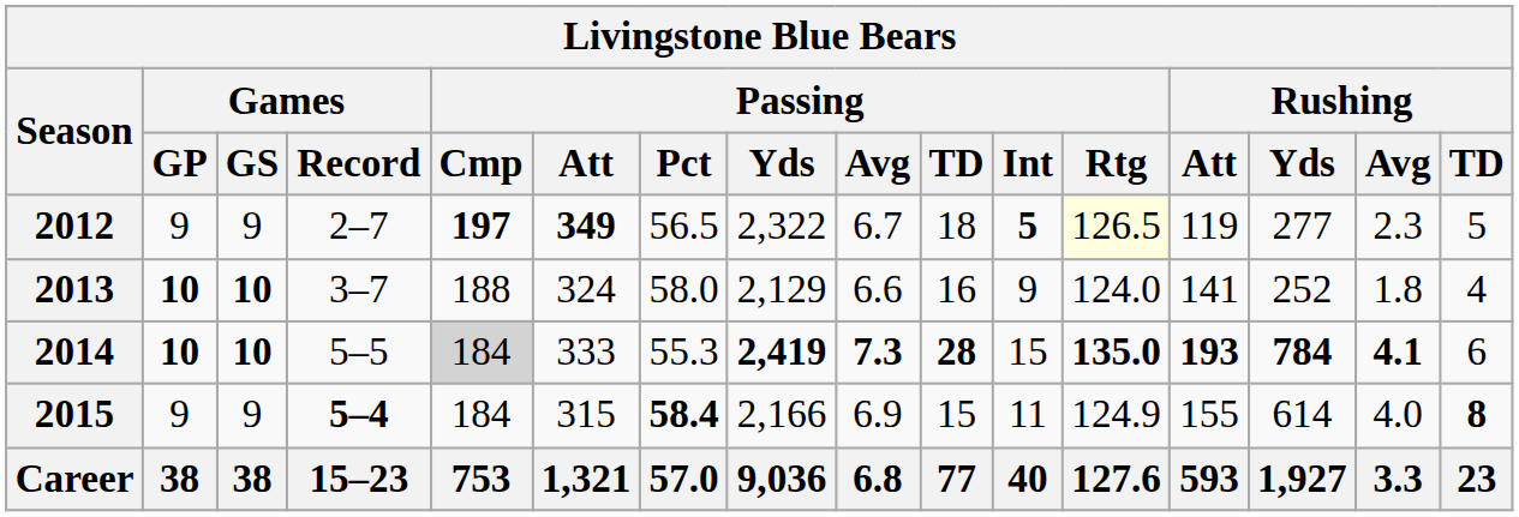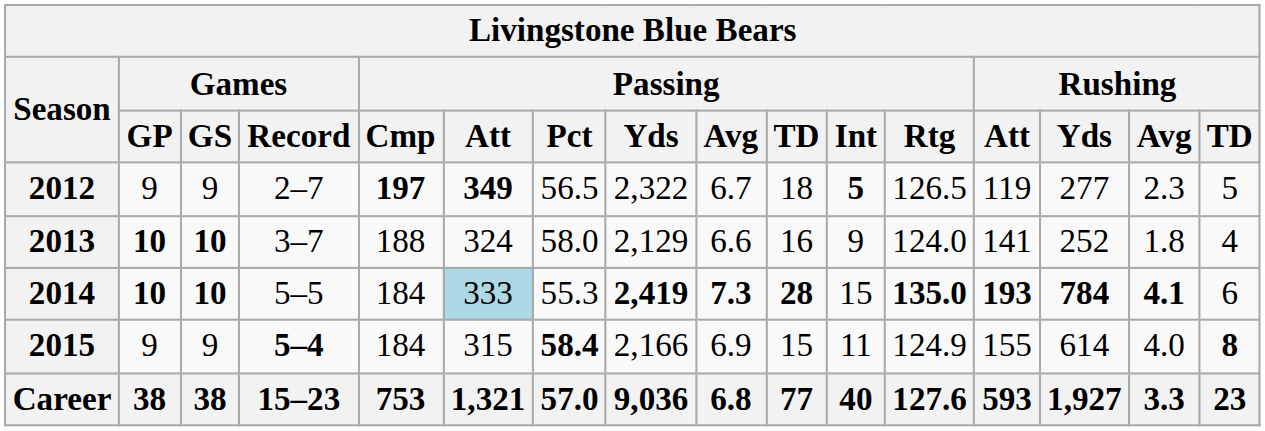 <table class="wikitable" style="text-align:center;">
 <tr>
 <th colspan="16">Livingstone Blue Bears</th>
 </tr>
 <tr>
 <th rowspan="2">Season</th>
 <th colspan="3">Games</th>
 <th colspan="8">Passing</th>
 <th colspan="5">Rushing</th>
 </tr>
 <tr>
 <th>GP</th>
 <th>GS</th>
 <th>Record</th>
 <th>Cmp</th>
 <th>Att</th>
 <th>Pct</th>
 <th>Yds</th>
 <th>Avg</th>
 <th>TD</th>
 <th>Int</th>
 <th>Rtg</th>
 <th>Att</th>
 <th>Yds</th>
 <th>Avg</th>
 <th>TD</th>
 </tr>
 <tr>
 <th>2012</th>
 <td>9</td>
 <td>9</td>
 <td>2–7</td>
 <td><strong>197</strong></td>
 <td><strong>349</strong></td>
 <td>56.5</td>
 <td>2,322</td>
 <td>6.7</td>
 <td>18</td>
 <td><strong>5</strong></td>
-<td style="background: lightyellow;">126.5</td>
+<td>126.5</td>
 <td>119</td>
 <td>277</td>
 <td>2.3</td>
 <td>5</td>
 </tr>
 <tr>
 <th>2013</th>
 <td><strong>10</strong></td>
 <td><strong>10</strong></td>
 <td>3–7</td>
 <td>188</td>
 <td>324</td>
 <td>58.0</td>
 <td>2,129</td>
 <td>6.6</td>
 <td>16</td>
 <td>9</td>
 <td>124.0</td>
 <td>141</td>
 <td>252</td>
 <td>1.8</td>
 <td>4</td>
 </tr>
 <tr>
 <th>2014</th>
 <td><strong>10</strong></td>
 <td><strong>10</strong></td>
 <td>5–5</td>
-<td style="background: lightgrey;">184</td>
-<td>333</td>
+<td>184</td>
+<td style="background: lightblue;">333</td>
 <td>55.3</td>
 <td><strong>2,419</strong></td>
 <td><strong>7.3</strong></td>
 <td><strong>28</strong></td>
 <td>15</td>
 <td><strong>135.0</strong></td>
 <td><strong>193</strong></td>
 <td><strong>784</strong></td>
 <td><strong>4.1</strong></td>
 <td>6</td>
 </tr>
 <tr>
 <th>2015</th>
 <td>9</td>
 <td>9</td>
 <td><strong>5–4</strong></td>
 <td>184</td>
 <td>315</td>
 <td><strong>58.4</strong></td>
 <td>2,166</td>
 <td>6.9</td>
 <td>15</td>
 <td>11</td>
 <td>124.9</td>
 <td>155</td>
 <td>614</td>
 <td>4.0</td>
 <td><strong>8</strong></td>
 </tr>
 <tr>
 <th>Career</th>
 <th>38</th>
 <th>38</th>
 <th>15–23</th>
 <th>753</th>
 <th>1,321</th>
 <th>57.0</th>
 <th>9,036</th>
 <th>6.8</th>
 <th>77</th>
 <th>40</th>
 <th>127.6</th>
 <th>593</th>
 <th>1,927</th>
 <th>3.3</th>
 <th>23</th>
 </tr>
 </table>
